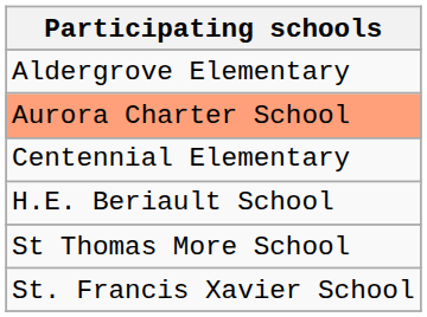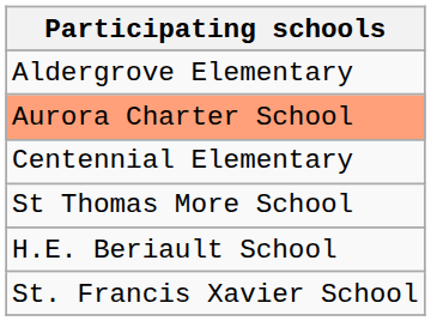 <table class="wikitable" align=right>
 <tr>
 <th>Participating schools</th>
 </tr>
 <tr>
 <td>Aldergrove Elementary</td>
 </tr>
 <tr>
 <td style="background: lightsalmon;">Aurora Charter School</td>
 </tr>
 <tr>
 <td>Centennial Elementary</td>
 </tr>
 <tr>
-<td>H.E. Beriault School</td>
+<td>St Thomas More School</td>
 </tr>
 <tr>
-<td>St Thomas More School</td>
+<td>H.E. Beriault School</td>
 </tr>
 <tr>
 <td>St. Francis Xavier School</td>
 </tr>
 </table>
